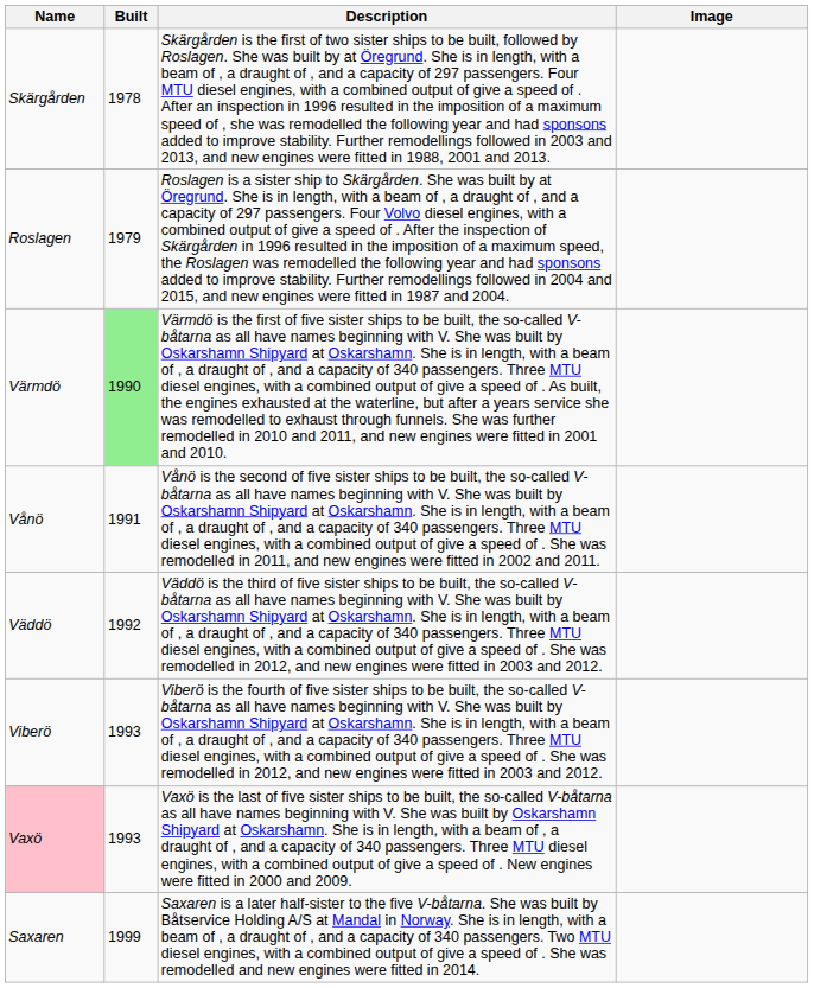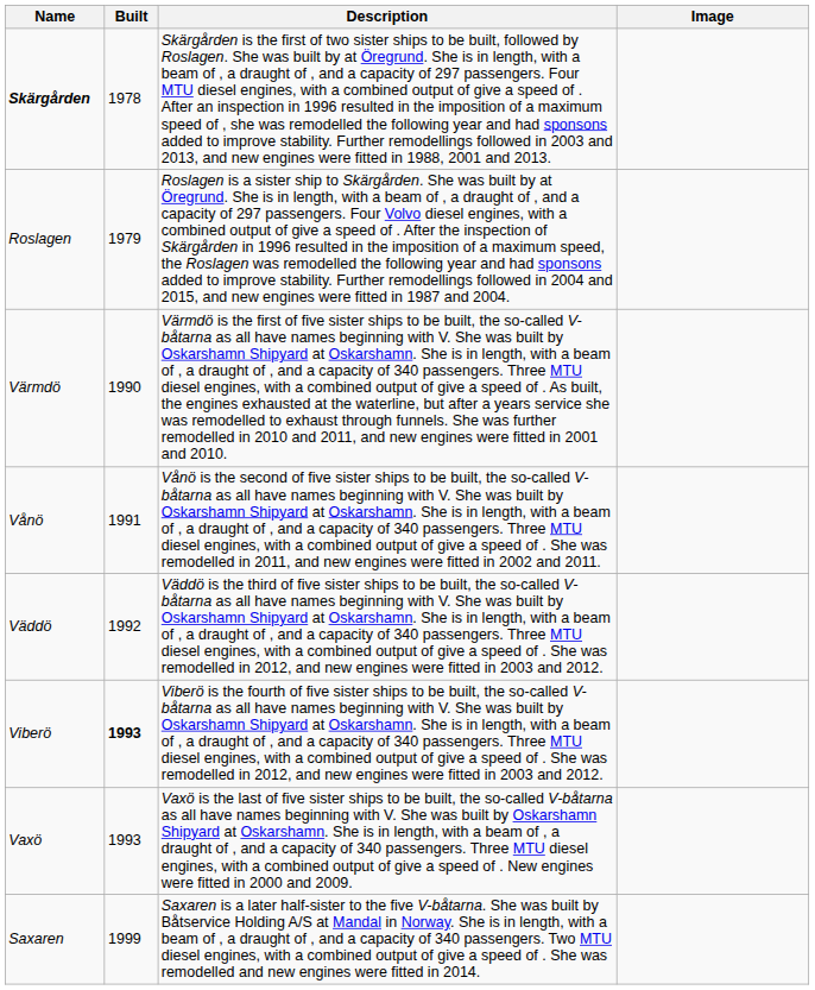 <table class="wikitable sortable">
 <tr>
 <th width="100">Name</th>
 <th width="50">Built</th>
 <th class="unsortable">Description</th>
 <th class="unsortable" width="200">Image</th>
 </tr>
 <tr ->
-<td><em>Skärgården</em></td>
+<td><strong><em>Skärgården</em></strong></td>
 <td>1978</td>
 <td><em>Skärgården</em> is the first of two sister ships to be built, followed by <em>Roslagen</em>. She was built by  at <a href='#'>Öregrund</a>. She is  in length, with a beam of , a draught of , and a capacity of 297 passengers. Four <a href='#'>MTU</a> diesel engines, with a combined output of  give a speed of . After an inspection in 1996 resulted in the imposition of a maximum speed of , she was remodelled the following year and had <a href='#'>sponsons</a> added to improve stability. Further remodellings followed in 2003 and 2013, and new engines were fitted in 1988, 2001 and 2013.</td>
 <td></td>
 </tr>
 <tr ->
 <td><em>Roslagen</em></td>
 <td>1979</td>
 <td><em>Roslagen</em> is a sister ship to <em>Skärgården</em>. She was built by  at <a href='#'>Öregrund</a>. She is  in length, with a beam of , a draught of , and a capacity of 297 passengers. Four <a href='#'>Volvo</a> diesel engines, with a combined output of  give a speed of . After the inspection of <em>Skärgården</em> in 1996 resulted in the imposition of a maximum speed, the <em>Roslagen</em> was remodelled the following year and had <a href='#'>sponsons</a> added to improve stability. Further remodellings followed in 2004 and 2015, and new engines were fitted in 1987 and 2004.</td>
 <td></td>
 </tr>
 <tr ->
 <td><em>Värmdö</em></td>
-<td style="background: lightgreen;">1990</td>
+<td>1990</td>
 <td><em>Värmdö</em> is the first of five sister ships to be built, the so-called <em>V-båtarna</em> as all have names beginning with V. She was built by <a href='#'>Oskarshamn Shipyard</a> at <a href='#'>Oskarshamn</a>. She is  in length, with a beam of , a draught of , and a capacity of 340 passengers. Three <a href='#'>MTU</a> diesel engines, with a combined output of  give a speed of . As built, the engines exhausted at the waterline, but after a years service she was remodelled to exhaust through funnels. She was further remodelled in 2010 and 2011, and new engines were fitted in 2001 and 2010.</td>
 <td></td>
 </tr>
 <tr ->
 <td><em>Vånö</em></td>
 <td>1991</td>
 <td><em>Vånö</em> is the second of five sister ships to be built, the so-called <em>V-båtarna</em> as all have names beginning with V. She was built by <a href='#'>Oskarshamn Shipyard</a> at <a href='#'>Oskarshamn</a>. She is  in length, with a beam of , a draught of , and a capacity of 340 passengers. Three <a href='#'>MTU</a> diesel engines, with a combined output of  give a speed of . She was remodelled in 2011, and new engines were fitted in 2002 and 2011.</td>
 <td></td>
 </tr>
 <tr ->
 <td><em>Väddö</em></td>
 <td>1992</td>
 <td><em>Väddö</em> is the third of five sister ships to be built, the so-called <em>V-båtarna</em> as all have names beginning with V. She was built by <a href='#'>Oskarshamn Shipyard</a> at <a href='#'>Oskarshamn</a>. She is  in length, with a beam of , a draught of , and a capacity of 340 passengers. Three <a href='#'>MTU</a> diesel engines, with a combined output of  give a speed of . She was remodelled in 2012, and new engines were fitted in 2003 and 2012.</td>
 <td></td>
 </tr>
 <tr ->
 <td><em>Viberö</em></td>
-<td>1993</td>
+<td><strong>1993</strong></td>
 <td><em>Viberö</em> is the fourth of five sister ships to be built, the so-called <em>V-båtarna</em> as all have names beginning with V. She was built by <a href='#'>Oskarshamn Shipyard</a> at <a href='#'>Oskarshamn</a>. She is  in length, with a beam of , a draught of , and a capacity of 340 passengers. Three <a href='#'>MTU</a> diesel engines, with a combined output of  give a speed of . She was remodelled in 2012, and new engines were fitted in 2003 and 2012.</td>
 <td></td>
 </tr>
 <tr ->
-<td style="background: pink;"><em>Vaxö</em></td>
+<td><em>Vaxö</em></td>
 <td>1993</td>
 <td><em>Vaxö</em> is the last of five sister ships to be built, the so-called <em>V-båtarna</em> as all have names beginning with V. She was built by <a href='#'>Oskarshamn Shipyard</a> at <a href='#'>Oskarshamn</a>. She is  in length, with a beam of , a draught of , and a capacity of 340 passengers. Three <a href='#'>MTU</a> diesel engines, with a combined output of  give a speed of . New engines were fitted in 2000 and 2009.</td>
 <td></td>
 </tr>
 <tr ->
 <td><em>Saxaren</em></td>
 <td>1999</td>
 <td><em>Saxaren</em> is a later half-sister to the five <em>V-båtarna</em>. She was built by Båtservice Holding A/S at <a href='#'>Mandal</a> in <a href='#'>Norway</a>. She is  in length, with a beam of , a draught of , and a capacity of 340 passengers. Two <a href='#'>MTU</a> diesel engines, with a combined output of  give a speed of . She was remodelled and new engines were fitted in 2014.</td>
 <td></td>
 </tr>
 </table>
